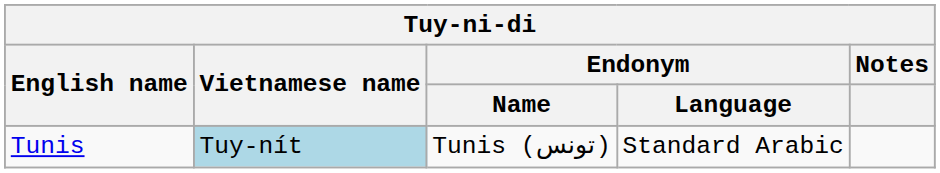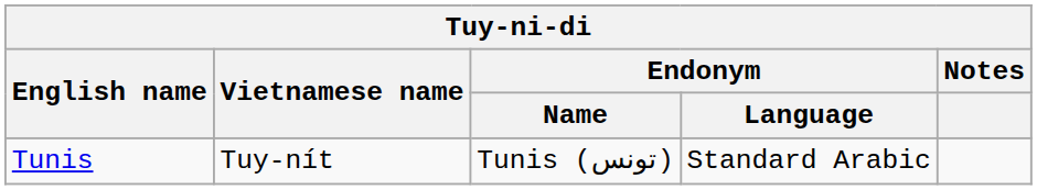 <table class="wikitable sortable">
 <tr>
 <th colspan="5"> Tuy-ni-di</th>
 </tr>
 <tr>
 <th rowspan="2">English name</th>
 <th rowspan="2">Vietnamese name</th>
 <th colspan="2">Endonym</th>
 <th>Notes</th>
 </tr>
 <tr>
 <th>Name</th>
 <th>Language</th>
 <th></th>
 </tr>
 <tr>
 <td><a href='#'>Tunis</a></td>
-<td style="background: lightblue;">Tuy-nít</td>
+<td>Tuy-nít</td>
 <td>Tunis (تونس)</td>
 <td>Standard Arabic</td>
 </tr>
 </table>
